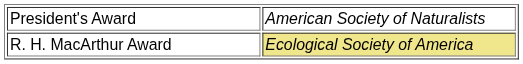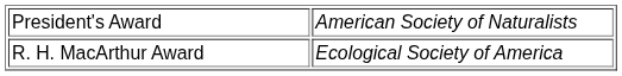 <table border="1" cellpadding="2">
 <tr>
 <td width="250pt">President's Award</td>
 <td width="250pt"><em>American Society of Naturalists</em></td>
 </tr>
 <tr>
 <td>R. H. MacArthur Award</td>
-<td style="background: khaki;"><em>Ecological Society of America</em></td>
+<td><em>Ecological Society of America</em></td>
 </tr>
 </table>
